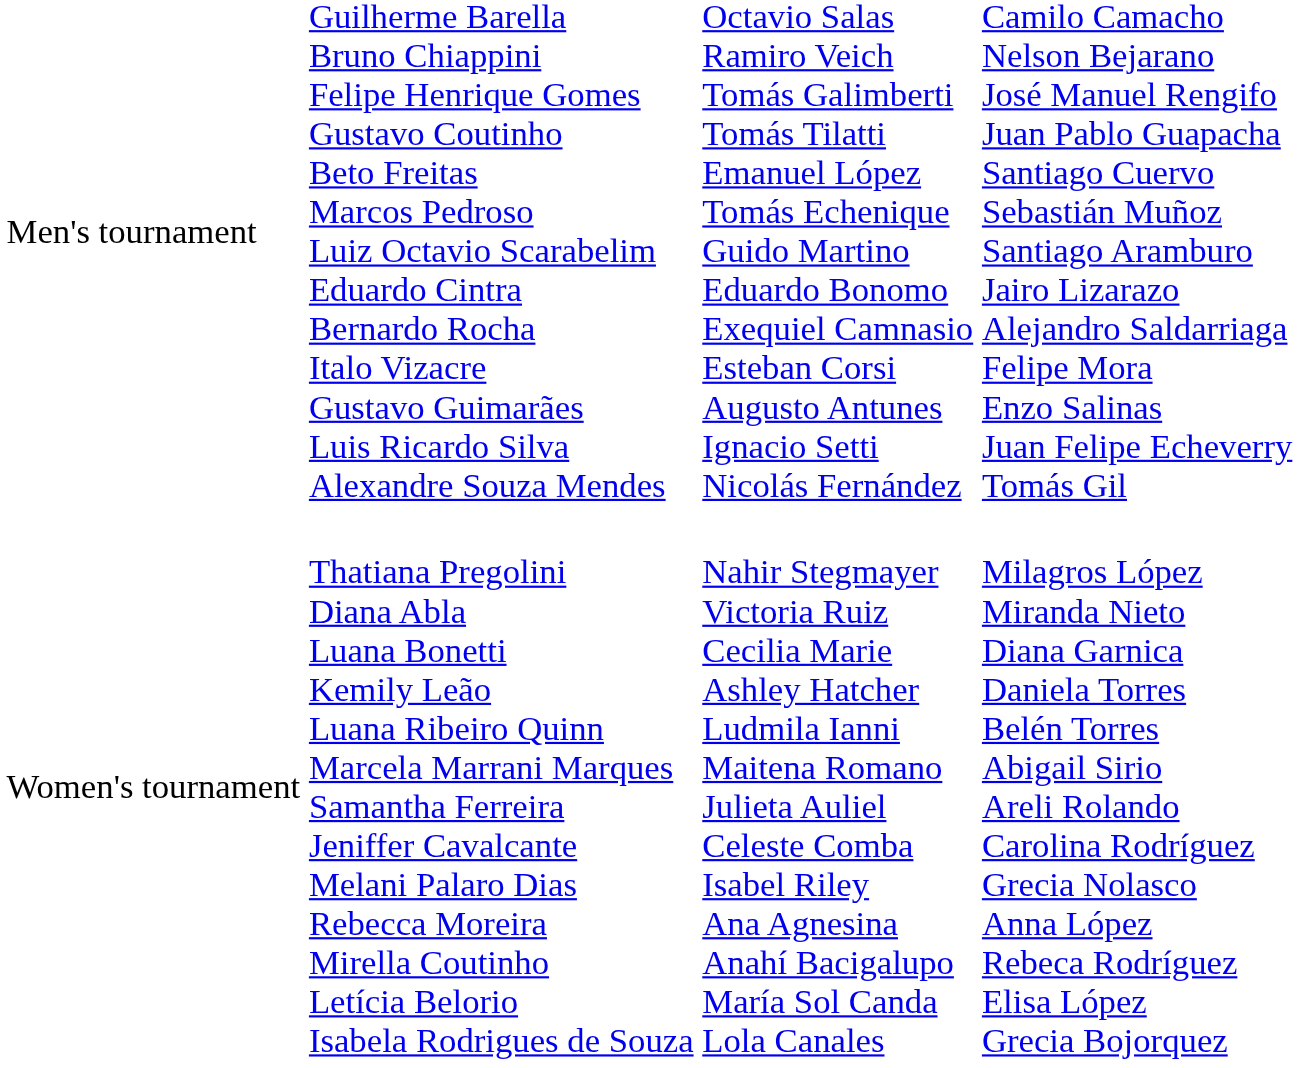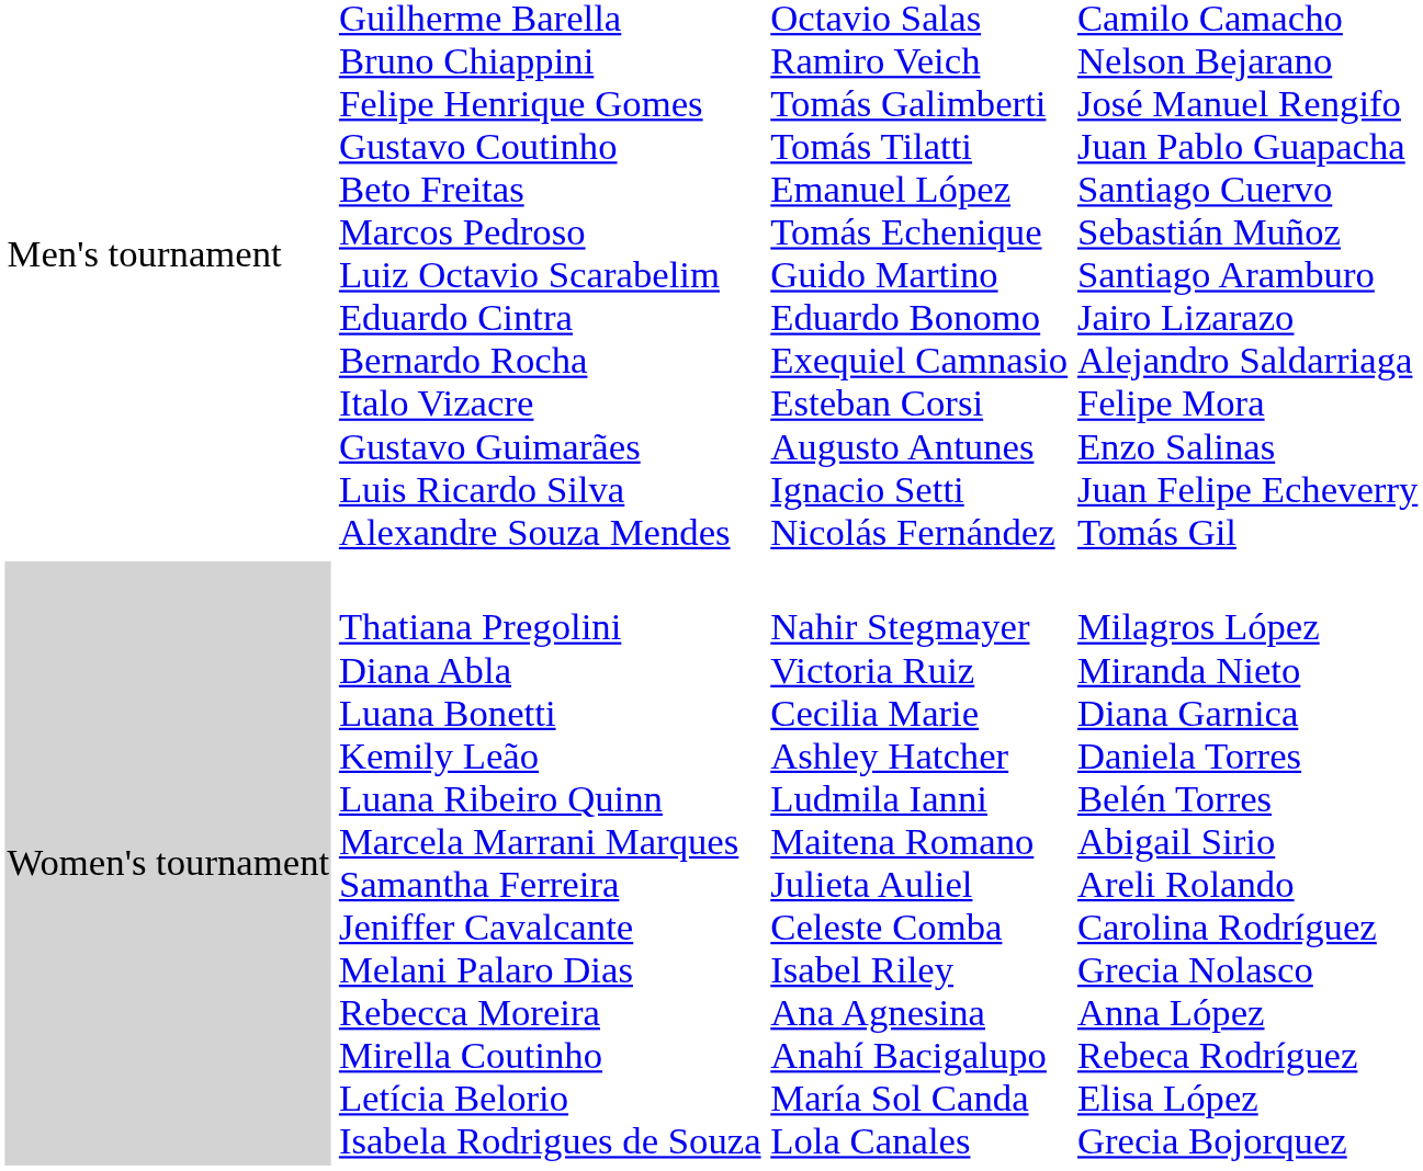 <table>
 <tr>
 <td>Men's tournament<br></td>
 <td><br><a href='#'>Guilherme Barella</a><br><a href='#'>Bruno Chiappini</a><br><a href='#'>Felipe Henrique Gomes</a><br><a href='#'>Gustavo Coutinho</a><br><a href='#'>Beto Freitas</a><br><a href='#'>Marcos Pedroso</a><br><a href='#'>Luiz Octavio Scarabelim</a><br><a href='#'>Eduardo Cintra</a><br><a href='#'>Bernardo Rocha</a><br><a href='#'>Italo Vizacre</a><br><a href='#'>Gustavo Guimarães</a><br><a href='#'>Luis Ricardo Silva</a><br><a href='#'>Alexandre Souza Mendes</a></td>
 <td><br><a href='#'>Octavio Salas</a><br><a href='#'>Ramiro Veich</a><br><a href='#'>Tomás Galimberti</a><br><a href='#'>Tomás Tilatti</a><br><a href='#'>Emanuel López</a><br><a href='#'>Tomás Echenique</a><br><a href='#'>Guido Martino</a><br><a href='#'>Eduardo Bonomo</a><br><a href='#'>Exequiel Camnasio</a><br><a href='#'>Esteban Corsi</a><br><a href='#'>Augusto Antunes</a><br><a href='#'>Ignacio Setti</a><br><a href='#'>Nicolás Fernández</a></td>
 <td><br><a href='#'>Camilo Camacho</a><br><a href='#'>Nelson Bejarano</a><br><a href='#'>José Manuel Rengifo</a><br><a href='#'>Juan Pablo Guapacha</a><br><a href='#'>Santiago Cuervo</a><br><a href='#'>Sebastián Muñoz</a><br><a href='#'>Santiago Aramburo</a><br><a href='#'>Jairo Lizarazo</a><br><a href='#'>Alejandro Saldarriaga</a><br><a href='#'>Felipe Mora</a><br><a href='#'>Enzo Salinas</a><br><a href='#'>Juan Felipe Echeverry</a><br><a href='#'>Tomás Gil</a></td>
 </tr>
 <tr>
-<td>Women's tournament<br></td>
+<td style="background: lightgrey;">Women's tournament<br></td>
 <td valign=top><br><a href='#'>Thatiana Pregolini</a><br><a href='#'>Diana Abla</a><br><a href='#'>Luana Bonetti</a><br><a href='#'>Kemily Leão</a><br><a href='#'>Luana Ribeiro Quinn</a><br><a href='#'>Marcela Marrani Marques</a><br><a href='#'>Samantha Ferreira</a><br><a href='#'>Jeniffer Cavalcante</a><br><a href='#'>Melani Palaro Dias</a><br><a href='#'>Rebecca Moreira</a><br><a href='#'>Mirella Coutinho</a><br><a href='#'>Letícia Belorio</a><br><a href='#'>Isabela Rodrigues de Souza</a></td>
 <td valign=top><br><a href='#'>Nahir Stegmayer</a><br><a href='#'>Victoria Ruiz</a><br><a href='#'>Cecilia Marie</a><br><a href='#'>Ashley Hatcher</a><br><a href='#'>Ludmila Ianni</a><br><a href='#'>Maitena Romano</a><br><a href='#'>Julieta Auliel</a><br><a href='#'>Celeste Comba</a><br><a href='#'>Isabel Riley</a><br><a href='#'>Ana Agnesina</a><br><a href='#'>Anahí Bacigalupo</a><br><a href='#'>María Sol Canda</a><br><a href='#'>Lola Canales</a></td>
 <td valign=top><br><a href='#'>Milagros López</a><br><a href='#'>Miranda Nieto</a><br><a href='#'>Diana Garnica</a><br><a href='#'>Daniela Torres</a><br><a href='#'>Belén Torres</a><br><a href='#'>Abigail Sirio</a><br><a href='#'>Areli Rolando</a><br><a href='#'>Carolina Rodríguez</a><br><a href='#'>Grecia Nolasco</a><br><a href='#'>Anna López</a><br><a href='#'>Rebeca Rodríguez</a><br><a href='#'>Elisa López</a><br><a href='#'>Grecia Bojorquez</a></td>
 </tr>
 </table>
